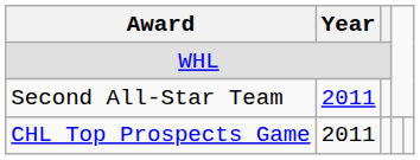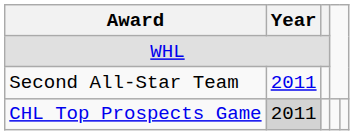 <table class="wikitable">
 <tr>
 <th>Award</th>
 <th>Year</th>
 <th></th>
 </tr>
 <tr ALIGN="center" bgcolor="#e0e0e0">
 <td colspan="3"><a href='#'>WHL</a></td>
 </tr>
 <tr>
 <td>Second All-Star Team</td>
 <td><a href='#'>2011</a></td>
 <td></td>
 </tr>
 <tr>
 <td><a href='#'>CHL Top Prospects Game</a></td>
-<td>2011</td>
+<td style="background: lightgrey;">2011</td>
 <td></td>
 <td></td>
 <td></td>
 </tr>
 </table>
